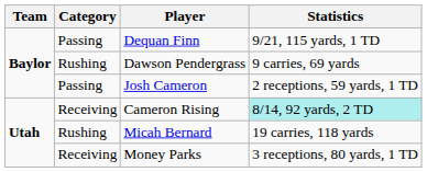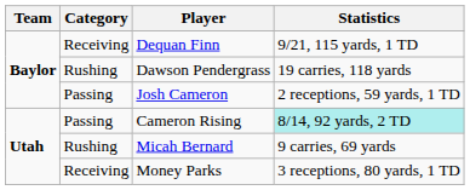 <table class="wikitable" style="float: right;">
 <tr>
 <th>Team</th>
 <th>Category</th>
 <th>Player</th>
 <th>Statistics</th>
 </tr>
 <tr>
 <td rowspan=3><strong>Baylor</strong></td>
-<td>Passing</td>
+<td>Receiving</td>
 <td><a href='#'>Dequan Finn</a></td>
 <td>9/21, 115 yards, 1 TD</td>
 </tr>
 <tr>
 <td>Rushing</td>
 <td>Dawson Pendergrass</td>
-<td>9 carries, 69 yards</td>
+<td>19 carries, 118 yards</td>
 </tr>
 <tr>
 <td>Passing</td>
 <td><a href='#'>Josh Cameron</a></td>
 <td>2 receptions, 59 yards, 1 TD</td>
 </tr>
 <tr>
 <td rowspan=3><strong>Utah</strong></td>
-<td>Receiving</td>
+<td>Passing</td>
 <td>Cameron Rising</td>
 <td style="background: paleturquoise;">8/14, 92 yards, 2 TD</td>
 </tr>
 <tr>
 <td>Rushing</td>
 <td><a href='#'>Micah Bernard</a></td>
-<td>19 carries, 118 yards</td>
+<td>9 carries, 69 yards</td>
 </tr>
 <tr>
 <td>Receiving</td>
 <td>Money Parks</td>
 <td>3 receptions, 80 yards, 1 TD</td>
 </tr>
 </table>
